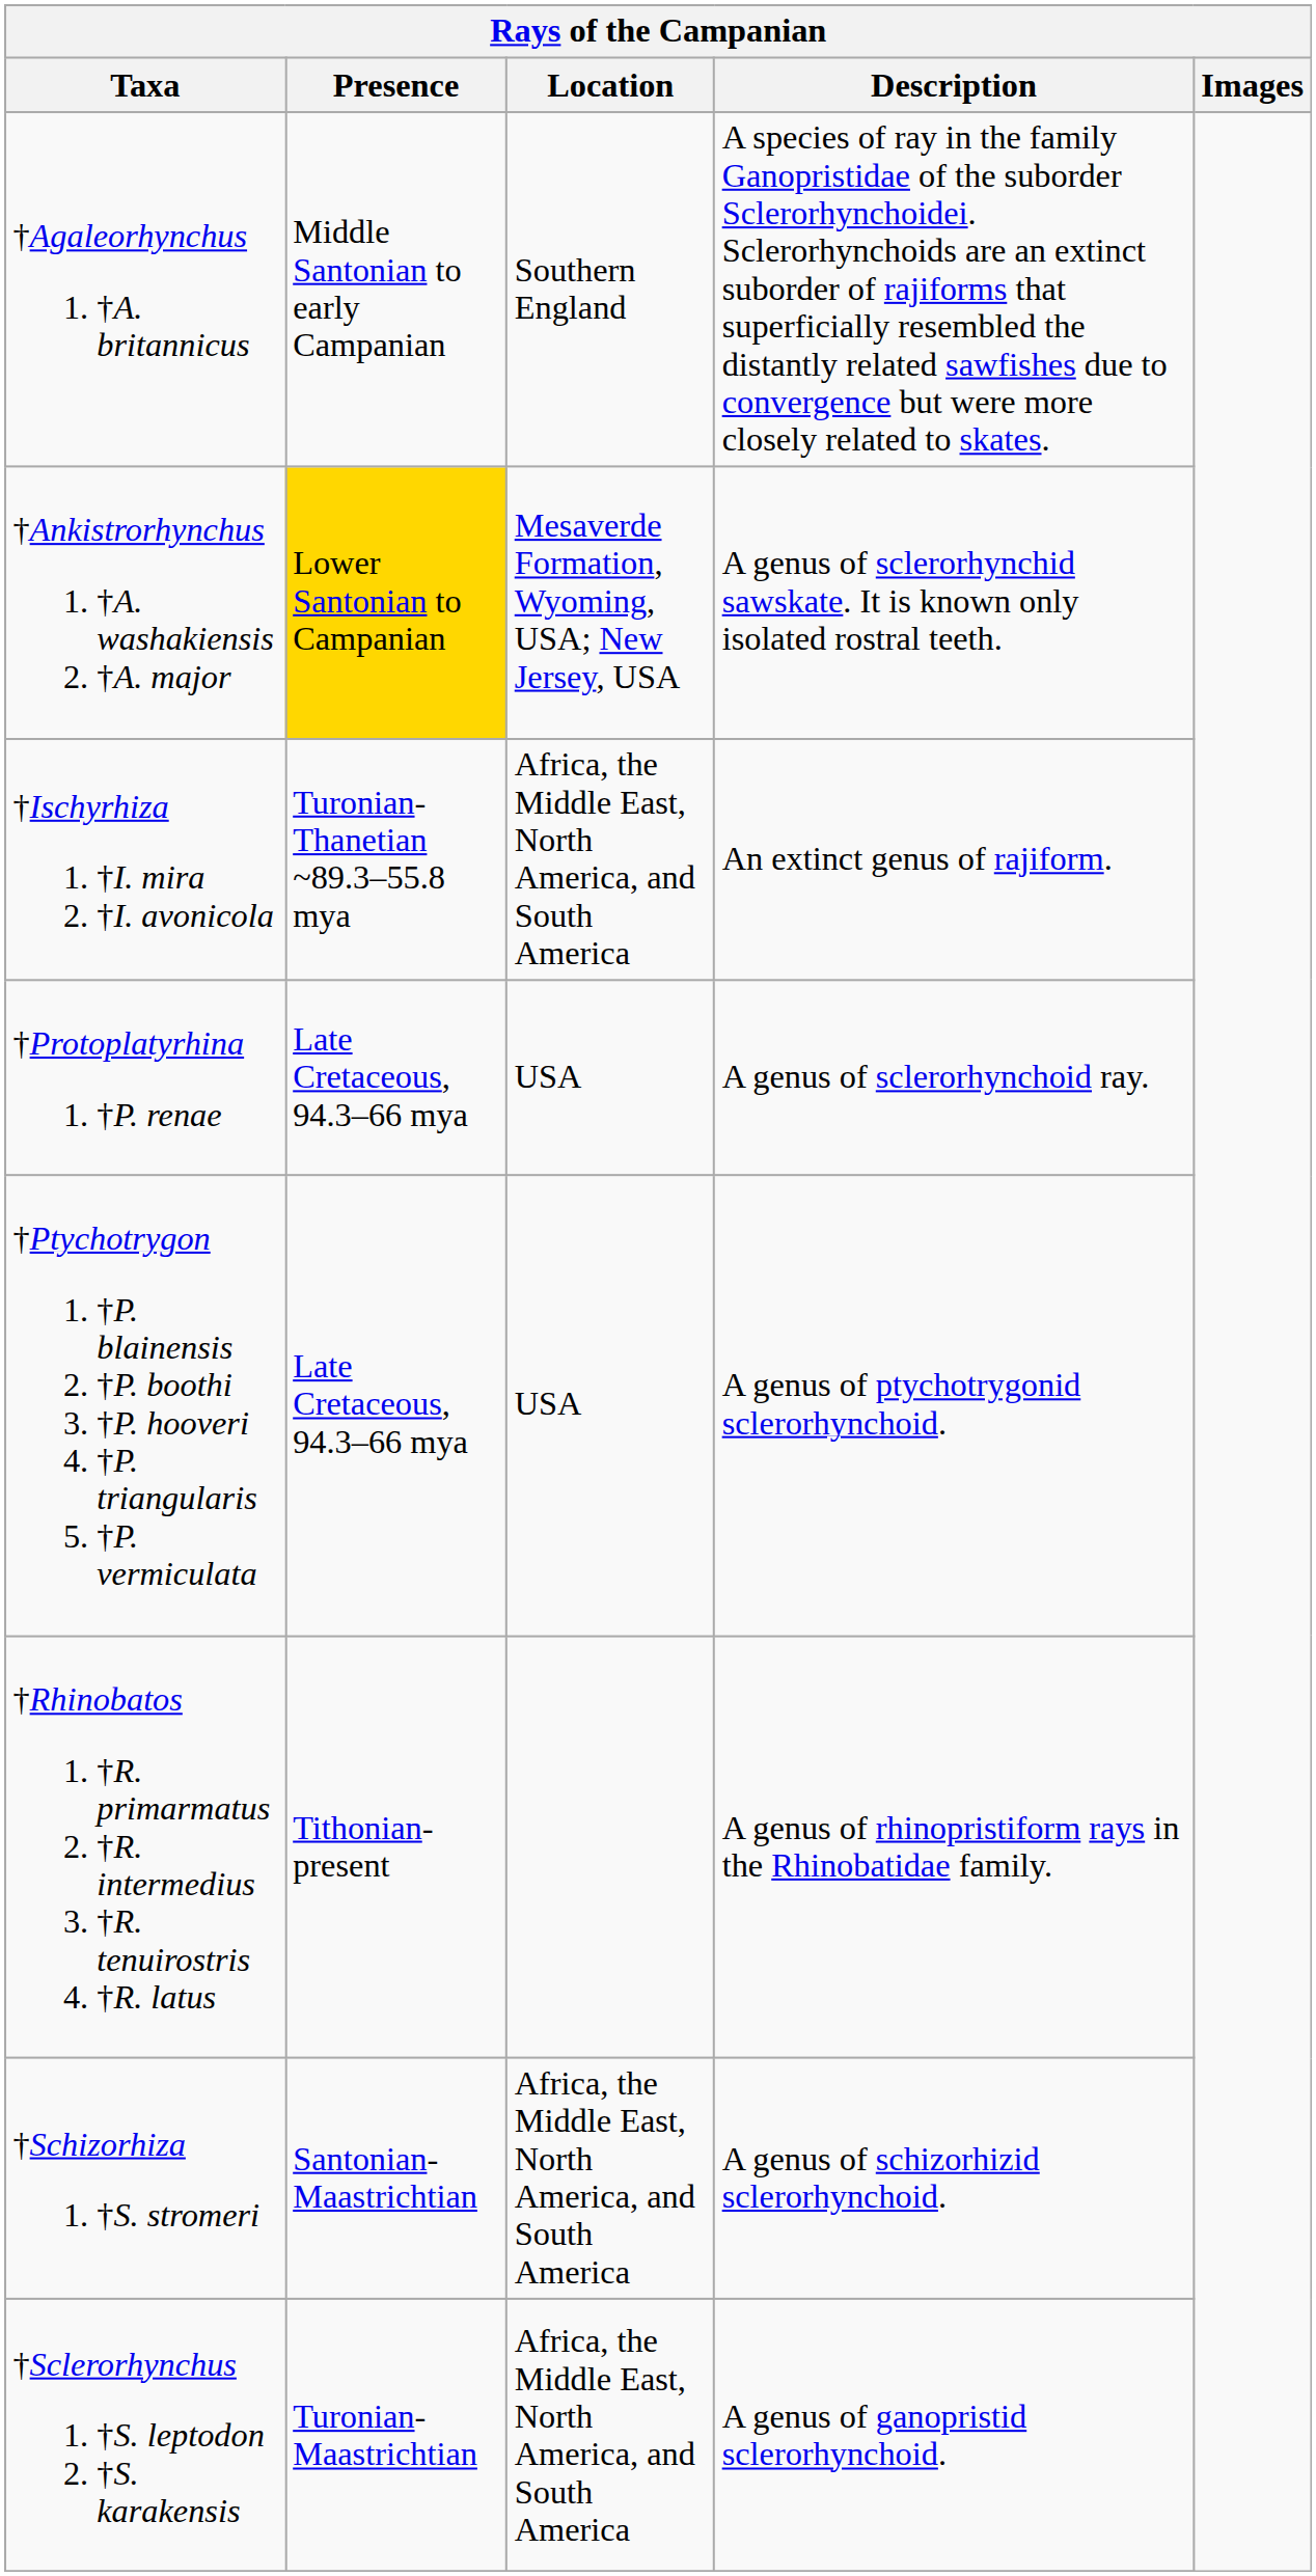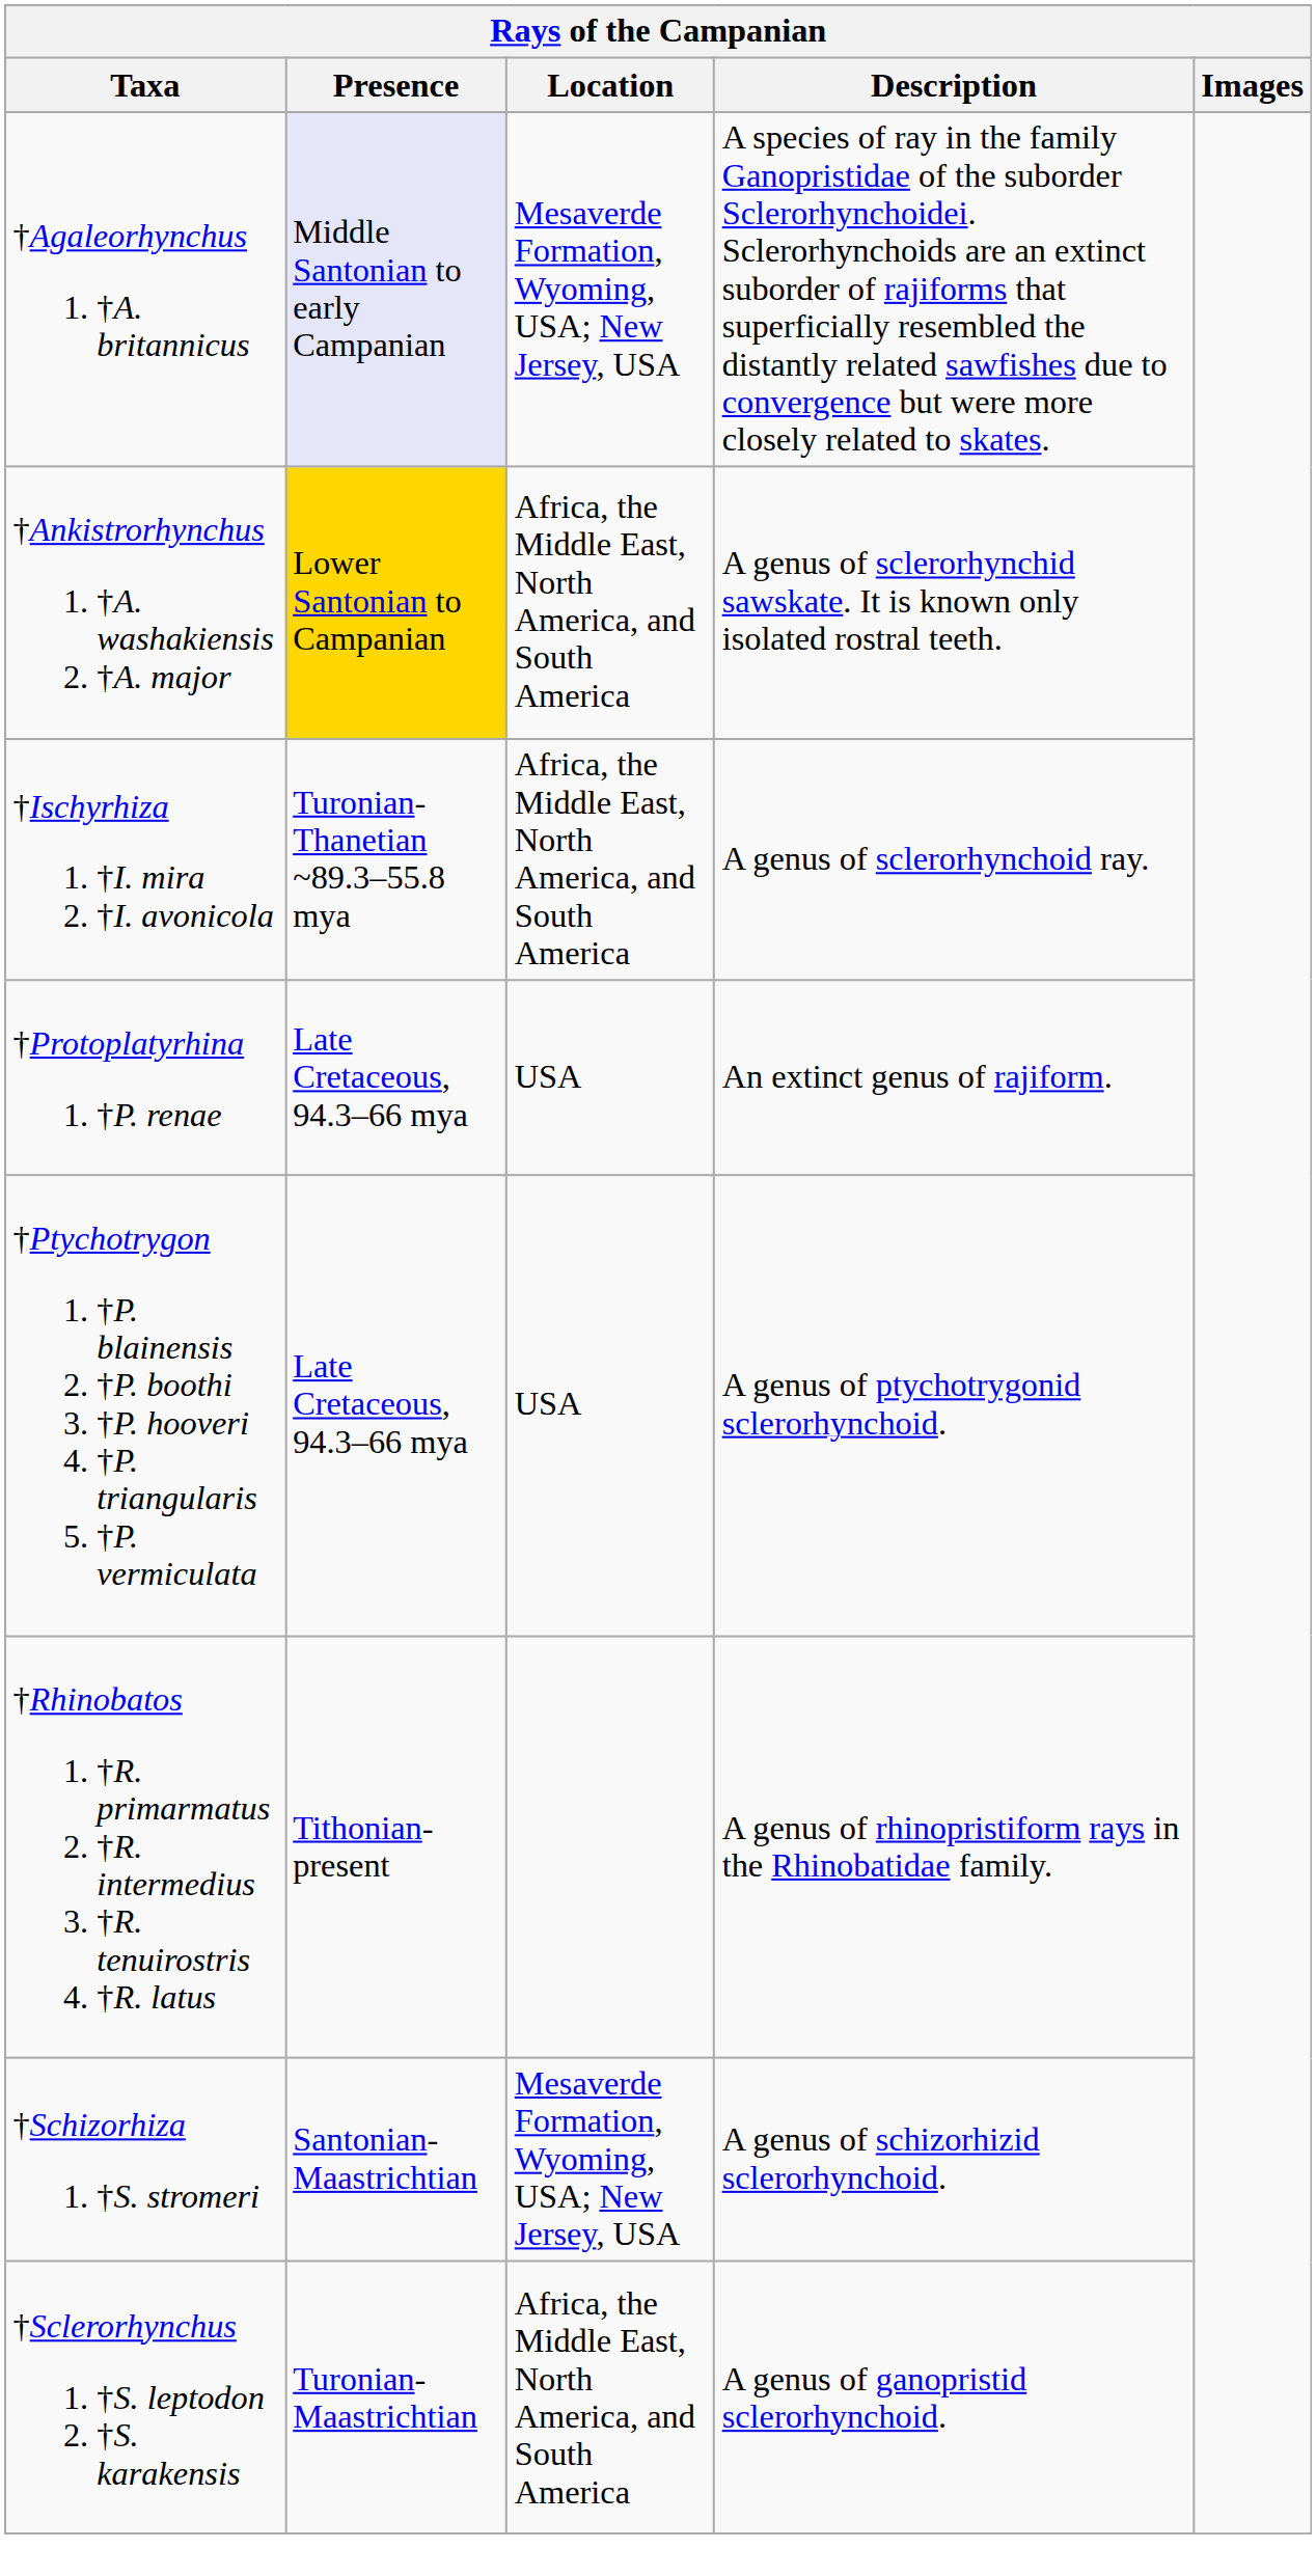 <table class="wikitable" align="center" width="100%">
 <tr>
 <th colspan="5" align="center"><a href='#'>Rays</a> of the Campanian</th>
 </tr>
 <tr>
 <th>Taxa</th>
 <th>Presence</th>
 <th>Location</th>
 <th>Description</th>
 <th>Images</th>
 </tr>
 <tr>
 <td><br>†<em><a href='#'>Agaleorhynchus</a></em><ol><li>†<em>A. britannicus</em></li></ol></td>
-<td>Middle <a href='#'>Santonian</a> to early Campanian</td>
-<td>Southern England</td>
+<td style="background: lavender;">Middle <a href='#'>Santonian</a> to early Campanian</td>
+<td><a href='#'>Mesaverde Formation</a>, <a href='#'>Wyoming</a>, USA; <a href='#'>New Jersey</a>, USA</td>
 <td>A species of ray in the family <a href='#'>Ganopristidae</a> of the suborder <a href='#'>Sclerorhynchoidei</a>. Sclerorhynchoids are an extinct suborder of  <a href='#'>rajiforms</a> that superficially resembled the distantly related <a href='#'>sawfishes</a> due to <a href='#'>convergence</a> but were more closely related to <a href='#'>skates</a>.</td>
 <td rowspan="99"></td>
 </tr>
 <tr>
 <td><br>†<em><a href='#'>Ankistrorhynchus</a></em><ol><li>†<em>A. washakiensis</em></li><li>†<em>A. major</em></li></ol></td>
 <td style="background: gold;">Lower <a href='#'>Santonian</a> to Campanian</td>
-<td><a href='#'>Mesaverde Formation</a>, <a href='#'>Wyoming</a>, USA; <a href='#'>New Jersey</a>, USA</td>
+<td>Africa, the Middle East, North America, and South America</td>
 <td>A genus of <a href='#'>sclerorhynchid</a> <a href='#'>sawskate</a>.  It is known only isolated rostral teeth.</td>
 </tr>
 <tr>
 <td><br>†<em><a href='#'>Ischyrhiza</a></em><ol><li>†<em>I. mira</em></li><li>†<em>I. avonicola</em></li></ol></td>
 <td><a href='#'>Turonian</a>-<a href='#'>Thanetian</a><br>~89.3–55.8 mya</td>
 <td>Africa, the Middle East, North America, and South America</td>
-<td>An extinct genus of <a href='#'>rajiform</a>.</td>
+<td>A genus of <a href='#'>sclerorhynchoid</a> ray.</td>
 </tr>
 <tr>
 <td><br>†<em><a href='#'>Protoplatyrhina</a></em><ol><li>†<em>P. renae</em></li></ol></td>
 <td><a href='#'>Late Cretaceous</a>, 94.3–66 mya</td>
 <td>USA</td>
-<td>A genus of <a href='#'>sclerorhynchoid</a> ray.</td>
+<td>An extinct genus of <a href='#'>rajiform</a>.</td>
 </tr>
 <tr>
 <td><br>†<em><a href='#'>Ptychotrygon</a></em><ol><li>†<em>P. blainensis</em></li><li>†<em>P. boothi</em></li><li>†<em>P. hooveri</em></li><li>†<em>P. triangularis</em></li><li>†<em>P. vermiculata</em></li></ol></td>
 <td><a href='#'>Late Cretaceous</a>, 94.3–66 mya</td>
 <td>USA</td>
 <td>A genus of <a href='#'>ptychotrygonid</a> <a href='#'>sclerorhynchoid</a>.</td>
 </tr>
 <tr>
 <td><br>†<em><a href='#'>Rhinobatos</a></em><ol><li>†<em>R. primarmatus</em></li><li>†<em>R. intermedius</em></li><li>†<em>R. tenuirostris</em></li><li>†<em>R. latus</em></li></ol></td>
 <td><a href='#'>Tithonian</a>-present</td>
 <td></td>
 <td>A genus of <a href='#'>rhinopristiform</a> <a href='#'>rays</a> in the <a href='#'>Rhinobatidae</a> family.</td>
 </tr>
 <tr>
 <td><br>†<em><a href='#'>Schizorhiza</a></em><ol><li>†<em>S. stromeri</em></li></ol></td>
 <td><a href='#'>Santonian</a>-<a href='#'>Maastrichtian</a></td>
-<td>Africa, the Middle East, North America, and South America</td>
+<td><a href='#'>Mesaverde Formation</a>, <a href='#'>Wyoming</a>, USA; <a href='#'>New Jersey</a>, USA</td>
 <td>A genus of <a href='#'>schizorhizid</a> <a href='#'>sclerorhynchoid</a>.</td>
 </tr>
 <tr>
 <td><br>†<em><a href='#'>Sclerorhynchus</a></em><ol><li>†<em>S. leptodon</em></li><li>†<em>S. karakensis</em></li></ol></td>
 <td><a href='#'>Turonian</a>-<a href='#'>Maastrichtian</a></td>
 <td>Africa, the Middle East, North America, and South America</td>
 <td>A genus of <a href='#'>ganopristid</a> <a href='#'>sclerorhynchoid</a>.</td>
 </tr>
 <tr>
 </tr>
 </table>
